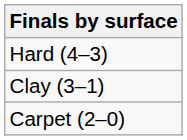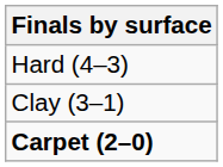 <table class="wikitable" style=font-size:90%>
 <tr>
 <th>Finals by surface</th>
 </tr>
 <tr>
 <td>Hard (4–3)</td>
 </tr>
 <tr>
 <td>Clay (3–1)</td>
 </tr>
 <tr>
-<td>Carpet (2–0)</td>
+<td><strong>Carpet (2–0)</strong></td>
 </tr>
 </table>
